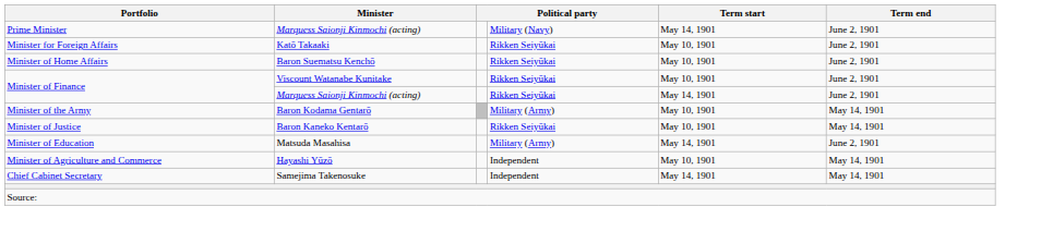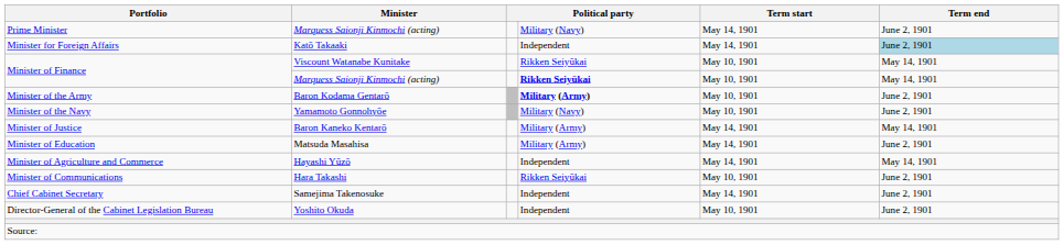 <table class="wikitable" style="font-size: 90%;">
 <tr>
 <th scope="col" width="20%">Portfolio</th>
 <th scope="col" width="15%">Minister</th>
 <th colspan="2" scope="col" width="13.5%">Political party</th>
 <th scope="col" width="12.5%">Term start</th>
 <th scope="col" width="12.5%">Term end</th>
 </tr>
 <tr>
 <td><a href='#'>Prime Minister</a></td>
 <td><em><a href='#'>Marquess Saionji Kinmochi</a> (acting)</em></td>
 <td style="color:inherit;background:"></td>
 <td><a href='#'>Military</a> (<a href='#'>Navy</a>)</td>
 <td>May 14, 1901</td>
 <td>June 2, 1901</td>
 </tr>
 <tr>
 <td><a href='#'>Minister for Foreign Affairs</a></td>
 <td><a href='#'>Katō Takaaki</a></td>
 <td style="color:inherit;background:"></td>
-<td><a href='#'>Rikken Seiyūkai</a></td>
-<td>May 10, 1901</td>
-<td>June 2, 1901</td>
-</tr>
-<tr>
-<td><a href='#'>Minister of Home Affairs</a></td>
-<td><a href='#'>Baron Suematsu Kenchō</a></td>
-<td style="color:inherit;background:"></td>
-<td><a href='#'>Rikken Seiyūkai</a></td>
-<td>May 10, 1901</td>
-<td>June 2, 1901</td>
+<td>Independent</td>
+<td>May 14, 1901</td>
+<td style="background: lightblue;">June 2, 1901</td>
 </tr>
 <tr>
 <td rowspan="2"><a href='#'>Minister of Finance</a></td>
 <td><a href='#'>Viscount Watanabe Kunitake</a></td>
 <td style="color:inherit;background:"></td>
 <td><a href='#'>Rikken Seiyūkai</a></td>
 <td>May 10, 1901</td>
-<td>June 2, 1901</td>
+<td>May 14, 1901</td>
 </tr>
 <tr>
 <td><em><a href='#'>Marquess Saionji Kinmochi</a> (acting)</em></td>
 <td style="color:inherit;background:"></td>
-<td><a href='#'>Rikken Seiyūkai</a></td>
+<td><strong><a href='#'>Rikken Seiyūkai</a></strong></td>
+<td>May 10, 1901</td>
 <td>May 14, 1901</td>
-<td>June 2, 1901</td>
 </tr>
 <tr>
 <td><a href='#'>Minister of the Army</a></td>
 <td><a href='#'>Baron Kodama Gentarō</a></td>
 <td style="color:inherit;background:#bfbfbf"></td>
-<td><a href='#'>Military</a> (<a href='#'>Army</a>)</td>
+<td><strong><a href='#'>Military</a> (<a href='#'>Army</a>)</strong></td>
 <td>May 10, 1901</td>
-<td>May 14, 1901</td>
+<td>June 2, 1901</td>
+</tr>
+<tr>
+<td><a href='#'>Minister of the Navy</a></td>
+<td><a href='#'>Yamamoto Gonnohyōe</a></td>
+<td style="color:inherit;background:#bfbfbf"></td>
+<td><a href='#'>Military</a> (<a href='#'>Navy</a>)</td>
+<td>May 10, 1901</td>
+<td>June 2, 1901</td>
 </tr>
 <tr>
 <td><a href='#'>Minister of Justice</a></td>
 <td><a href='#'>Baron Kaneko Kentarō</a></td>
 <td style="color:inherit;background:"></td>
-<td><a href='#'>Rikken Seiyūkai</a></td>
-<td>May 10, 1901</td>
+<td><a href='#'>Military</a> (<a href='#'>Army</a>)</td>
+<td>May 14, 1901</td>
 <td>May 14, 1901</td>
 </tr>
 <tr>
 <td><a href='#'>Minister of Education</a></td>
 <td>Matsuda Masahisa</td>
 <td style="color:inherit;background:"></td>
 <td><a href='#'>Military</a> (<a href='#'>Army</a>)</td>
 <td>May 14, 1901</td>
 <td>June 2, 1901</td>
 </tr>
 <tr>
 <td><a href='#'>Minister of Agriculture and Commerce</a></td>
 <td><a href='#'>Hayashi Yūzō</a></td>
 <td style="color:inherit;background:"></td>
 <td>Independent</td>
+<td>May 14, 1901</td>
+<td>May 14, 1901</td>
+</tr>
+<tr>
+<td><a href='#'>Minister of Communications</a></td>
+<td><a href='#'>Hara Takashi</a></td>
+<td style="color:inherit;background:"></td>
+<td><a href='#'>Rikken Seiyūkai</a></td>
 <td>May 10, 1901</td>
-<td>May 14, 1901</td>
+<td>June 2, 1901</td>
 </tr>
 <tr>
 <td><a href='#'>Chief Cabinet Secretary</a></td>
 <td>Samejima Takenosuke</td>
 <td style="color:inherit;background:"></td>
 <td>Independent</td>
 <td>May 14, 1901</td>
-<td>May 14, 1901</td>
+<td>June 2, 1901</td>
+</tr>
+<tr>
+<td>Director-General of the <a href='#'>Cabinet Legislation Bureau</a></td>
+<td><a href='#'>Yoshito Okuda</a></td>
+<td style="color:inherit;background:"></td>
+<td>Independent</td>
+<td>May 10, 1901</td>
+<td>June 2, 1901</td>
 </tr>
 <tr>
 <th colspan="6"></th>
 </tr>
 <tr>
 <td colspan="6">Source:</td>
 </tr>
 </table>
